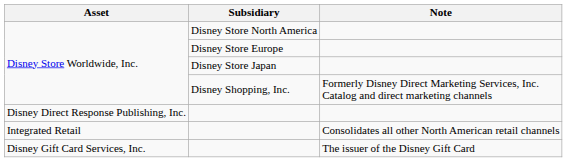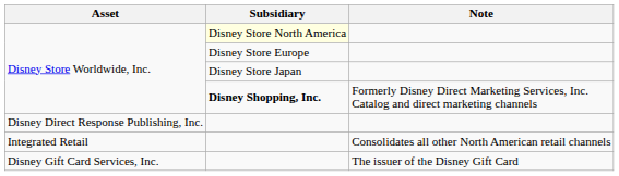 <table class="wikitable">
 <tr>
 <th>Asset</th>
 <th>Subsidiary</th>
 <th>Note</th>
 </tr>
 <tr>
 <td rowspan="4"><a href='#'>Disney Store</a> Worldwide, Inc.</td>
-<td>Disney Store North America</td>
+<td style="background: lightyellow;">Disney Store North America</td>
 <td></td>
 </tr>
 <tr>
 <td>Disney Store Europe</td>
 <td></td>
 </tr>
 <tr>
 <td>Disney Store Japan</td>
 <td></td>
 </tr>
 <tr>
-<td>Disney Shopping, Inc.</td>
+<td><strong>Disney Shopping, Inc.</strong></td>
 <td>Formerly Disney Direct Marketing Services, Inc.<br>Catalog and direct marketing channels</td>
 </tr>
 <tr>
 <td>Disney Direct Response Publishing, Inc.</td>
 <td></td>
 <td></td>
 </tr>
 <tr>
 <td>Integrated Retail</td>
 <td></td>
 <td>Consolidates all other North American retail channels</td>
 </tr>
 <tr>
 <td>Disney Gift Card Services, Inc.</td>
 <td></td>
 <td>The issuer of the Disney Gift Card</td>
 </tr>
 </table>
